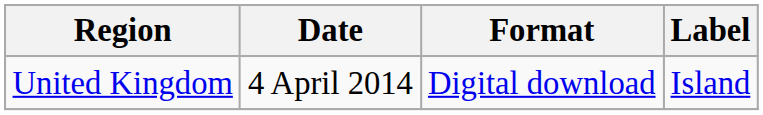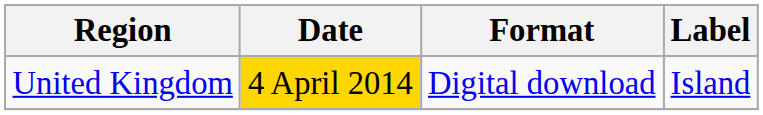 <table class=wikitable>
 <tr>
 <th>Region</th>
 <th>Date</th>
 <th>Format</th>
 <th>Label</th>
 </tr>
 <tr>
 <td><a href='#'>United Kingdom</a></td>
-<td>4 April 2014</td>
+<td style="background: gold;">4 April 2014</td>
 <td><a href='#'>Digital download</a></td>
 <td><a href='#'>Island</a></td>
 </tr>
 <tr>
 </tr>
 </table>
